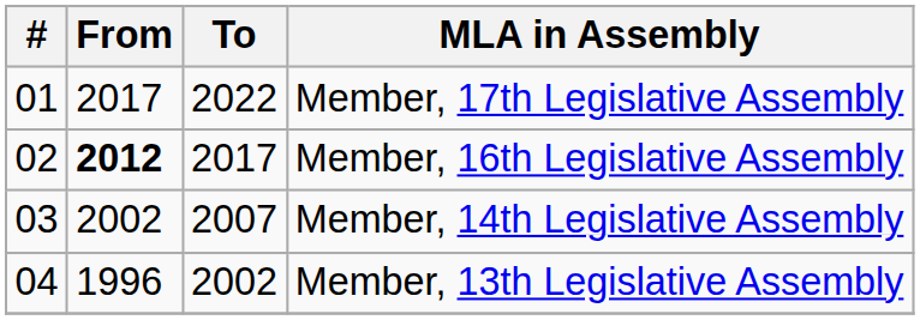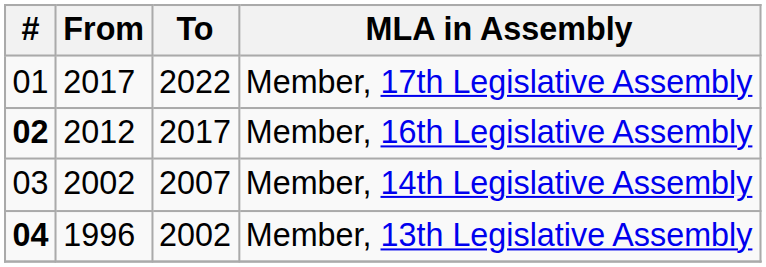 <table class="wikitable sortable">
 <tr>
 <th>#</th>
 <th>From</th>
 <th>To</th>
 <th>MLA in Assembly</th>
 </tr>
 <tr>
 <td>01</td>
 <td>2017</td>
 <td>2022</td>
 <td>Member, <a href='#'>17th Legislative Assembly</a></td>
 </tr>
 <tr>
-<td>02</td>
-<td><strong>2012</strong></td>
+<td><strong>02</strong></td>
+<td>2012</td>
 <td>2017</td>
 <td>Member, <a href='#'>16th Legislative Assembly</a></td>
 </tr>
 <tr>
 <td>03</td>
 <td>2002</td>
 <td>2007</td>
 <td>Member, <a href='#'>14th Legislative Assembly</a></td>
 </tr>
 <tr>
-<td>04</td>
+<td><strong>04</strong></td>
 <td>1996</td>
 <td>2002</td>
 <td>Member, <a href='#'>13th Legislative Assembly</a></td>
 </tr>
 <tr>
 </tr>
 </table>
